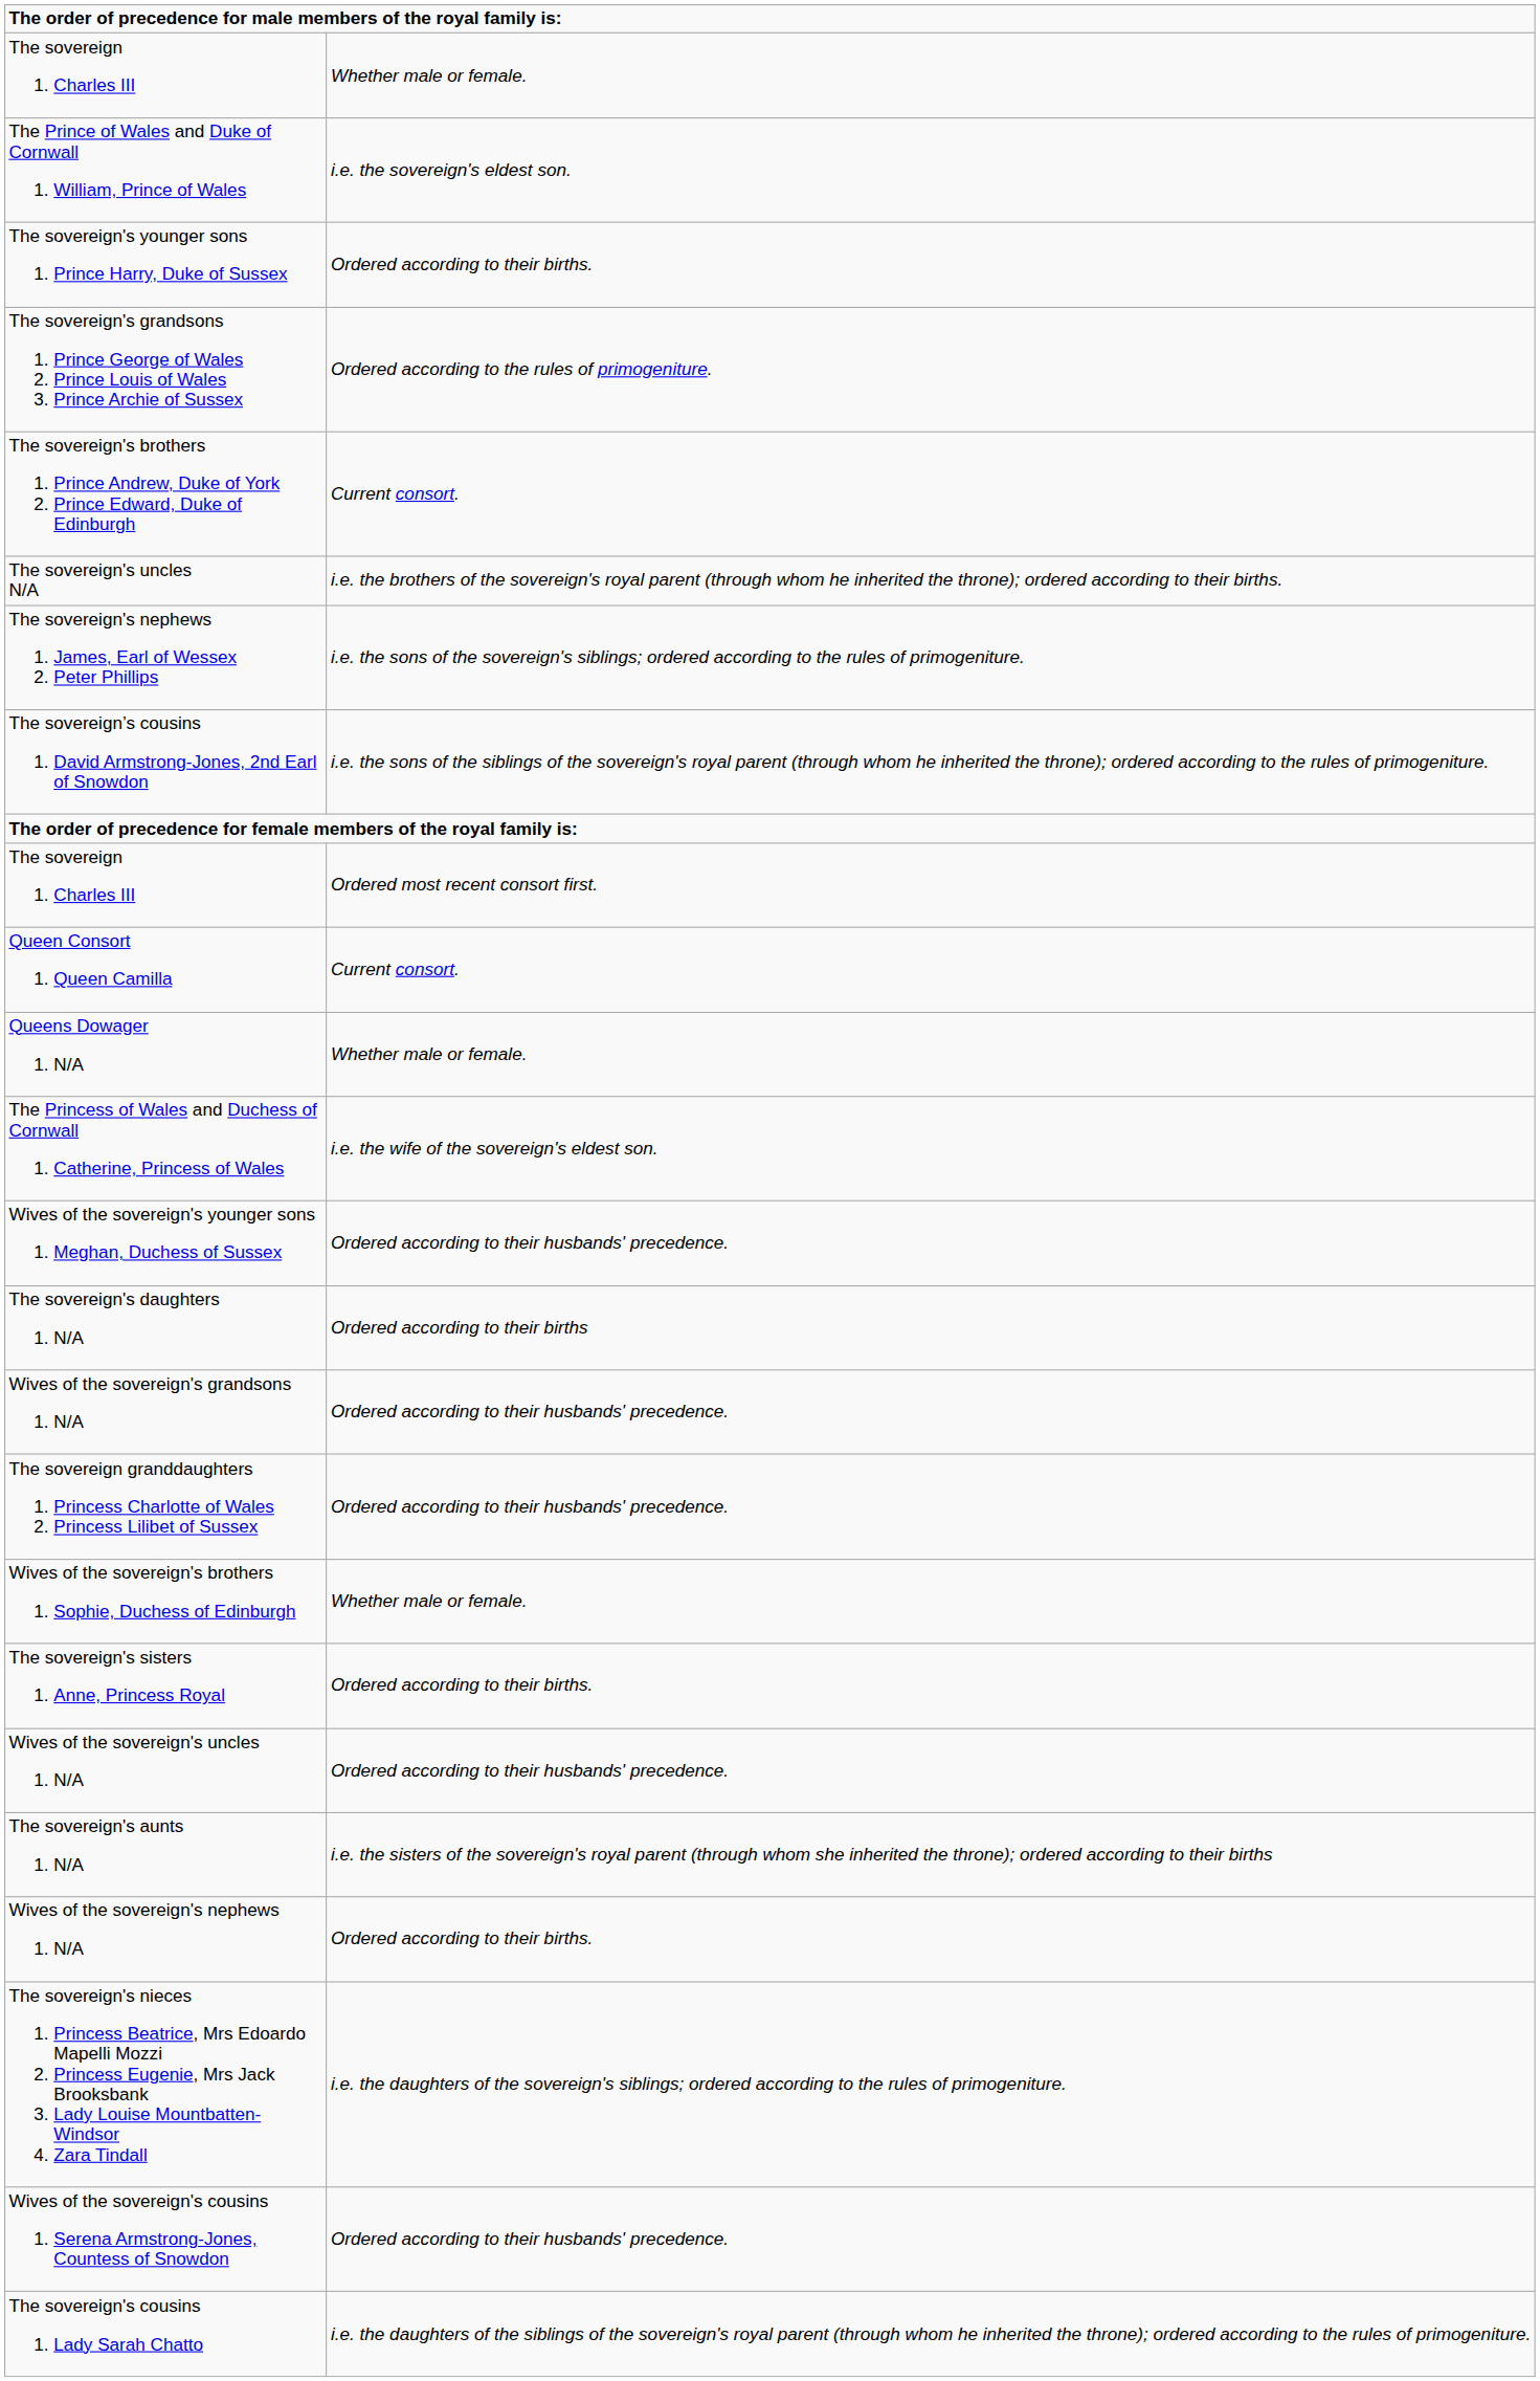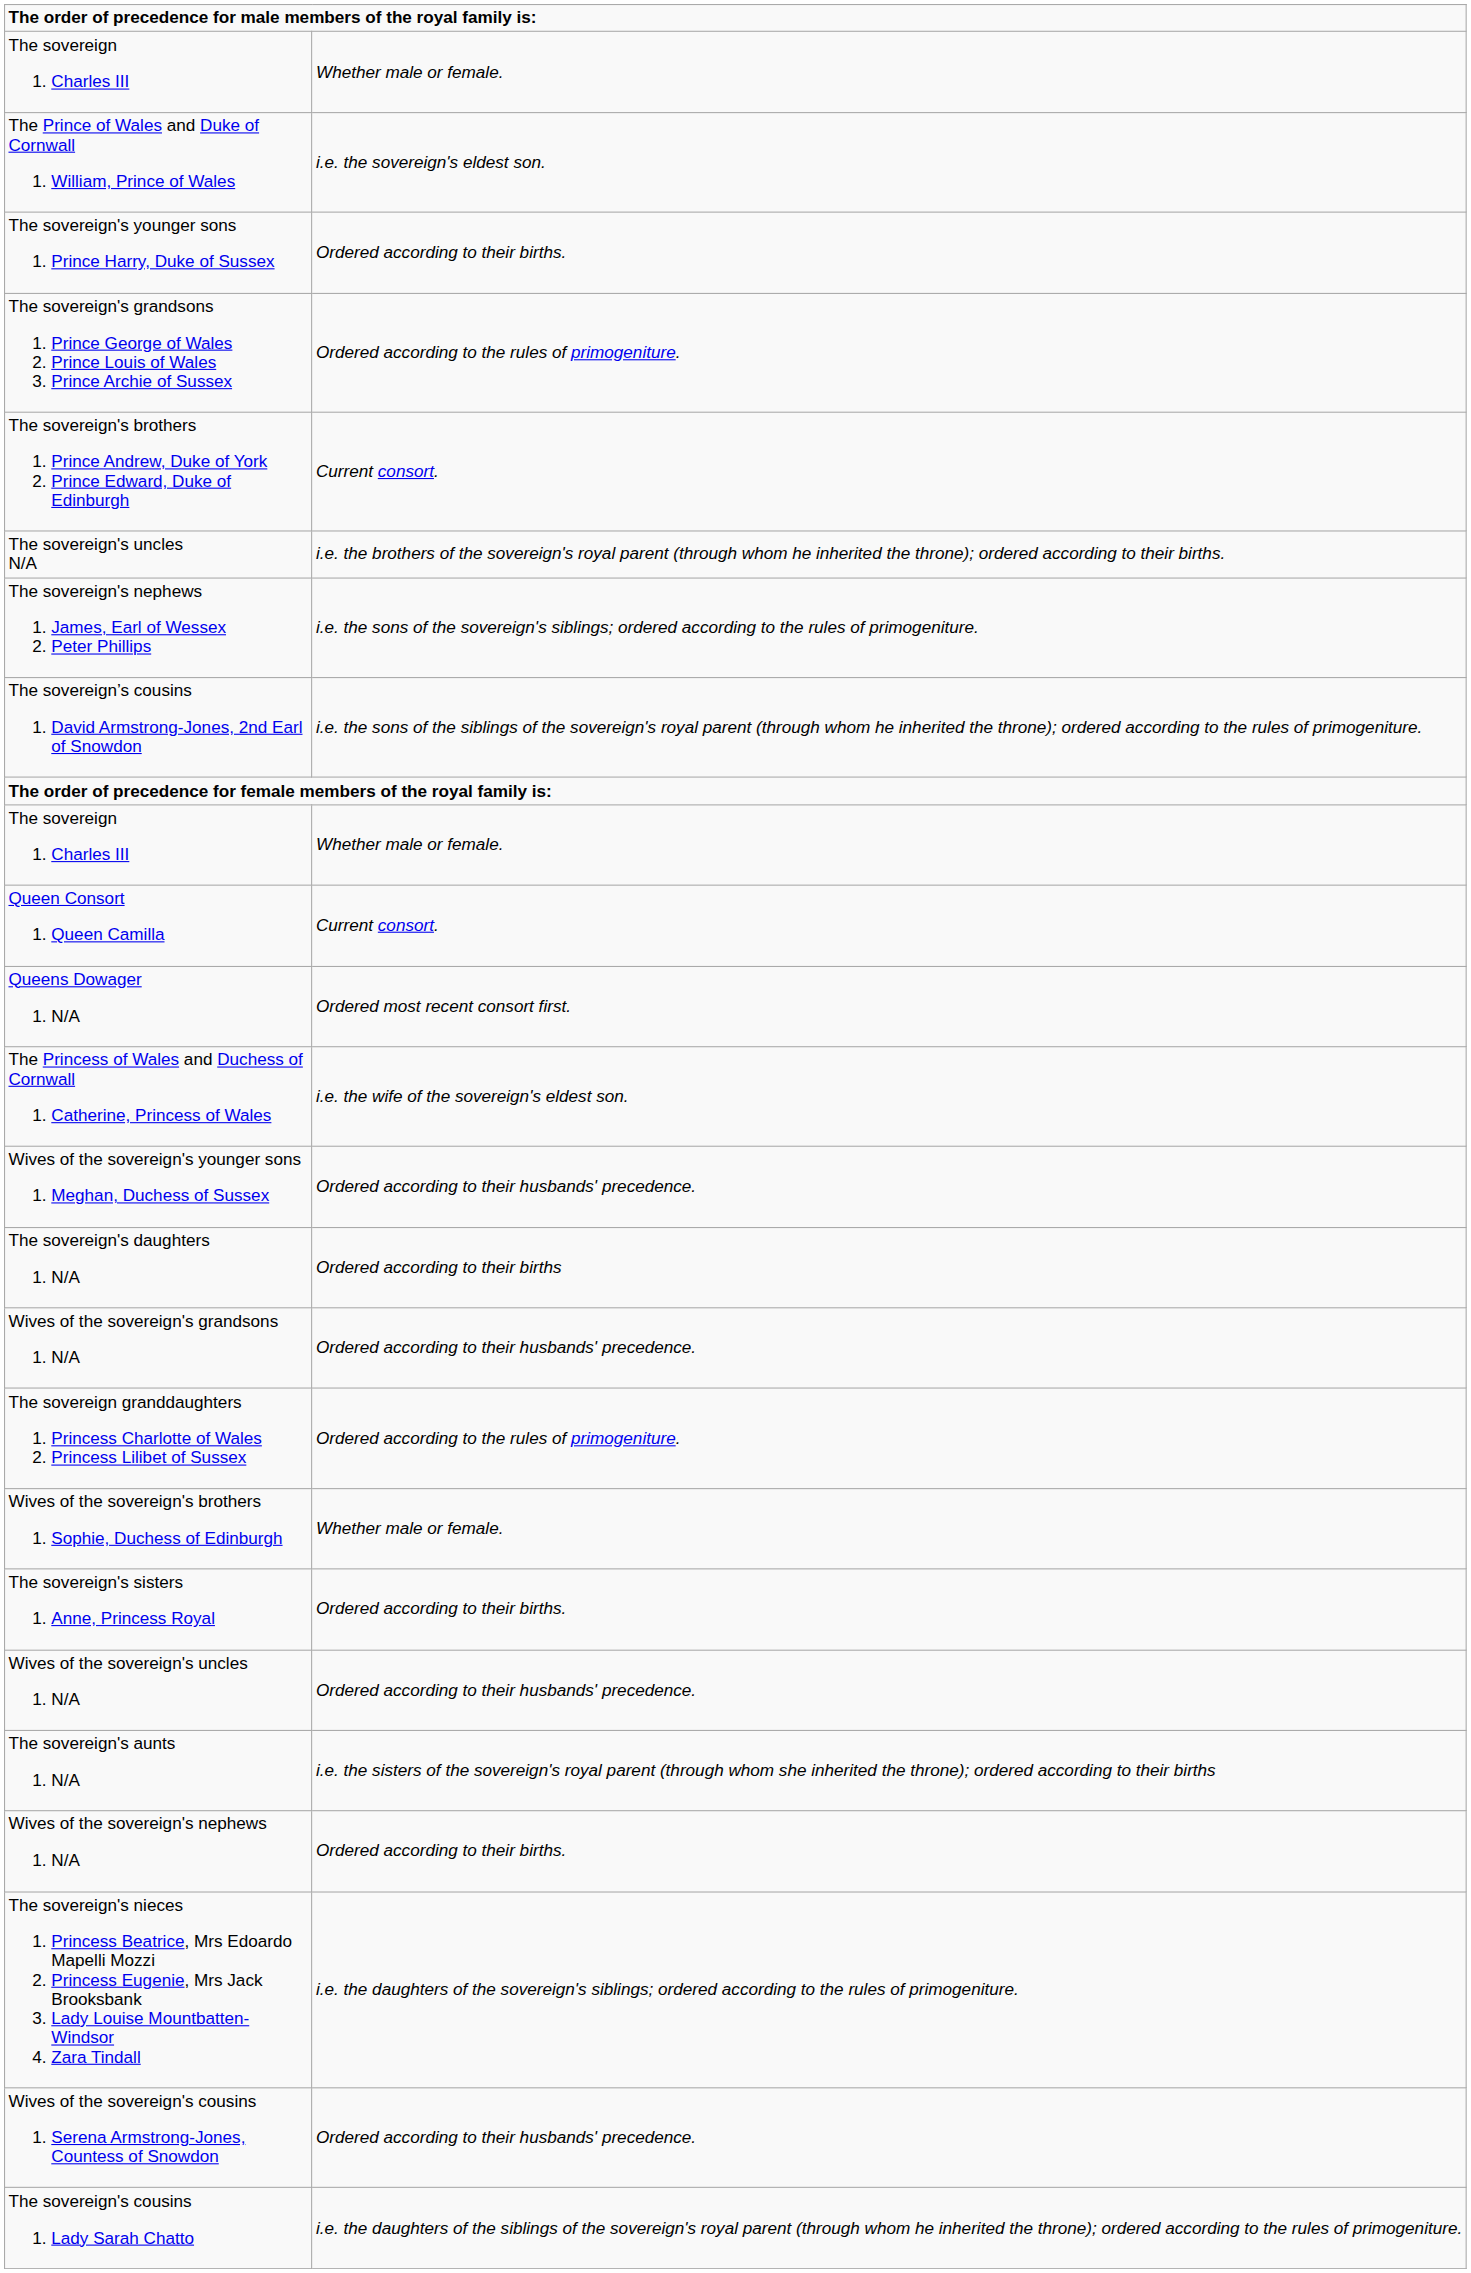 <table class="wikitable">
 <tr>
 <td colspan="2"><strong>The order of precedence for male members of the royal family is:</strong></td>
 </tr>
 <tr>
 <td width="280px">The sovereign<br><ol><li><a href='#'>Charles III</a></li></ol></td>
 <td><em>Whether male or female.</em></td>
 </tr>
 <tr>
 <td>The <a href='#'>Prince of Wales</a> and <a href='#'>Duke of Cornwall</a><br><ol><li><a href='#'>William, Prince of Wales</a></li></ol></td>
 <td><em>i.e. the sovereign's eldest son.</em></td>
 </tr>
 <tr>
 <td>The sovereign's younger sons<br><ol><li><a href='#'>Prince Harry, Duke of Sussex</a></li></ol></td>
 <td><em>Ordered according to their births.</em></td>
 </tr>
 <tr>
 <td>The sovereign's grandsons<br><ol><li><a href='#'>Prince George of Wales</a></li><li><a href='#'>Prince Louis of Wales</a></li><li><a href='#'>Prince Archie of Sussex</a></li></ol></td>
 <td><em>Ordered according to the rules of <a href='#'>primogeniture</a>.</em></td>
 </tr>
 <tr>
 <td>The sovereign's brothers<br><ol><li><a href='#'>Prince Andrew, Duke of York</a></li><li><a href='#'>Prince Edward, Duke of Edinburgh</a></li></ol></td>
 <td><em>Current <a href='#'>consort</a>.</em></td>
 </tr>
 <tr>
 <td>The sovereign's uncles<br>N/A</td>
 <td><em>i.e. the brothers of the sovereign's royal parent (through whom he inherited the throne); ordered according to their births.</em></td>
 </tr>
 <tr>
 <td>The sovereign's nephews<br><ol><li><a href='#'>James, Earl of Wessex</a></li><li><a href='#'>Peter Phillips</a></li></ol></td>
 <td><em>i.e. the sons of the sovereign's siblings; ordered according to the rules of primogeniture.</em></td>
 </tr>
 <tr>
 <td>The sovereign’s cousins<br><ol><li><a href='#'>David Armstrong-Jones, 2nd Earl of Snowdon</a></li></ol></td>
 <td><em>i.e. the sons of the siblings of the sovereign's royal parent (through whom he inherited the throne); ordered according to the rules of primogeniture.</em></td>
 </tr>
 <tr>
 <td colspan="2"><strong>The order of precedence for female members of the royal family is:</strong></td>
 </tr>
 <tr>
 <td width="280px">The sovereign<br><ol><li><a href='#'>Charles III</a></li></ol></td>
-<td><em>Ordered most recent consort first.</em></td>
+<td><em>Whether male or female.</em></td>
 </tr>
 <tr>
 <td width="280px"><a href='#'>Queen Consort </a><br><ol><li><a href='#'>Queen Camilla</a></li></ol></td>
 <td><em>Current <a href='#'>consort</a>.</em></td>
 </tr>
 <tr>
 <td><a href='#'>Queens Dowager</a><br><ol><li>N/A</li></ol></td>
-<td><em>Whether male or female.</em></td>
+<td><em>Ordered most recent consort first.</em></td>
 </tr>
 <tr>
 <td>The <a href='#'>Princess of Wales</a> and <a href='#'>Duchess of Cornwall</a><br><ol><li><a href='#'>Catherine, Princess of Wales</a></li></ol></td>
 <td><em>i.e. the wife of the sovereign's eldest son.</em></td>
 </tr>
 <tr>
 <td>Wives of the sovereign's younger sons<br><ol><li><a href='#'>Meghan, Duchess of Sussex</a></li></ol></td>
 <td><em>Ordered according to their husbands' precedence.</em></td>
 </tr>
 <tr>
 <td>The sovereign's daughters<br><ol><li>N/A</li></ol></td>
 <td><em>Ordered according to their births</em></td>
 </tr>
 <tr>
 <td>Wives of the sovereign's grandsons<br><ol><li>N/A</li></ol></td>
 <td><em>Ordered according to their husbands' precedence.</em></td>
 </tr>
 <tr>
 <td>The sovereign granddaughters<br><ol><li><a href='#'>Princess Charlotte of Wales</a></li><li><a href='#'>Princess Lilibet of Sussex</a></li></ol></td>
-<td><em>Ordered according to their husbands' precedence.</em></td>
+<td><em>Ordered according to the rules of <a href='#'>primogeniture</a>.</em></td>
 </tr>
 <tr>
 <td>Wives of the sovereign's brothers<br><ol><li><a href='#'>Sophie, Duchess of Edinburgh</a></li></ol></td>
 <td><em>Whether male or female.</em></td>
 </tr>
 <tr>
 <td>The sovereign's sisters<br><ol><li><a href='#'>Anne, Princess Royal</a></li></ol></td>
 <td><em>Ordered according to their births.</em></td>
 </tr>
 <tr>
 <td>Wives of the sovereign's uncles<br><ol><li>N/A</li></ol></td>
 <td><em>Ordered according to their husbands' precedence.</em></td>
 </tr>
 <tr>
 <td>The sovereign's aunts<br><ol><li>N/A</li></ol></td>
 <td><em>i.e. the sisters of the sovereign's royal parent (through whom she inherited the throne); ordered according to their births</em></td>
 </tr>
 <tr>
 <td>Wives of the sovereign's nephews<br><ol><li>N/A</li></ol></td>
 <td><em>Ordered according to their births.</em></td>
 </tr>
 <tr>
 <td>The sovereign's nieces<br><ol><li><a href='#'>Princess Beatrice</a>, Mrs Edoardo Mapelli Mozzi</li><li><a href='#'>Princess Eugenie</a>, Mrs Jack Brooksbank</li><li><a href='#'>Lady Louise Mountbatten-Windsor</a></li><li><a href='#'>Zara Tindall</a></li></ol></td>
 <td><em>i.e. the daughters of the sovereign's siblings; ordered according to the rules of primogeniture.</em></td>
 </tr>
 <tr>
 <td>Wives of the sovereign's cousins<br><ol><li><a href='#'>Serena Armstrong-Jones, Countess of Snowdon</a></li></ol></td>
 <td><em>Ordered according to their husbands' precedence.</em></td>
 </tr>
 <tr>
 <td>The sovereign's cousins<br><ol><li><a href='#'>Lady Sarah Chatto</a></li></ol></td>
 <td><em>i.e. the daughters of the siblings of the sovereign's royal parent (through whom he inherited the throne); ordered according to the rules of primogeniture.</em></td>
 </tr>
 </table>
